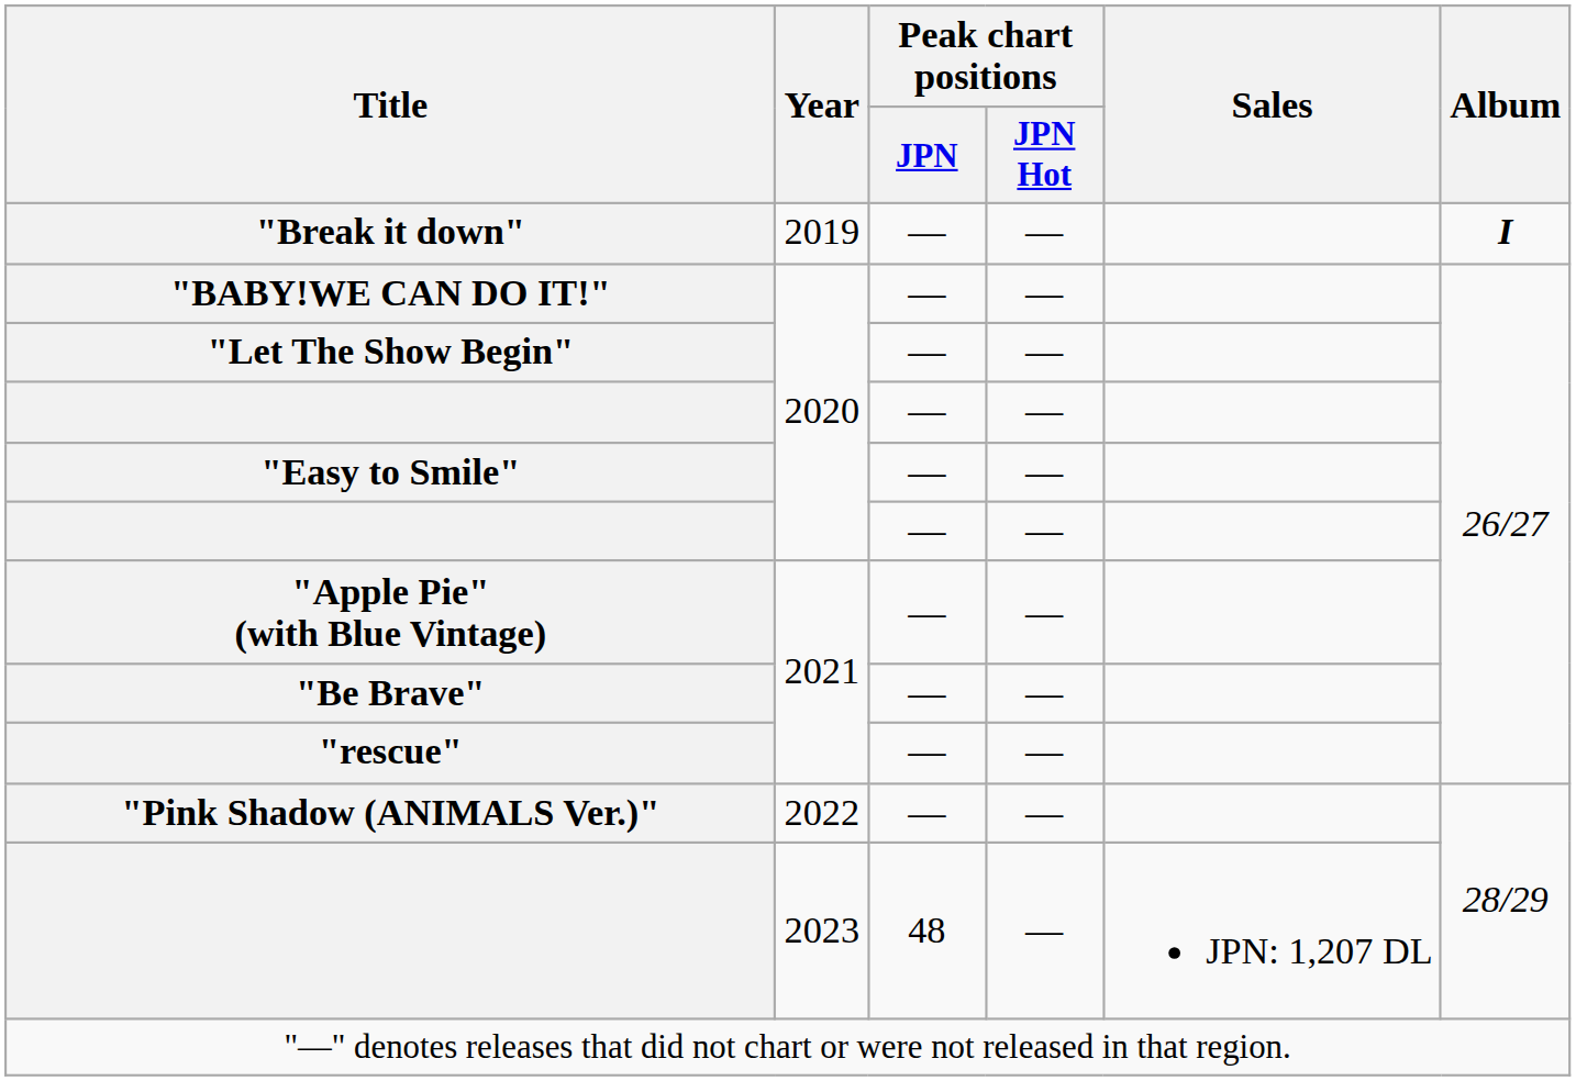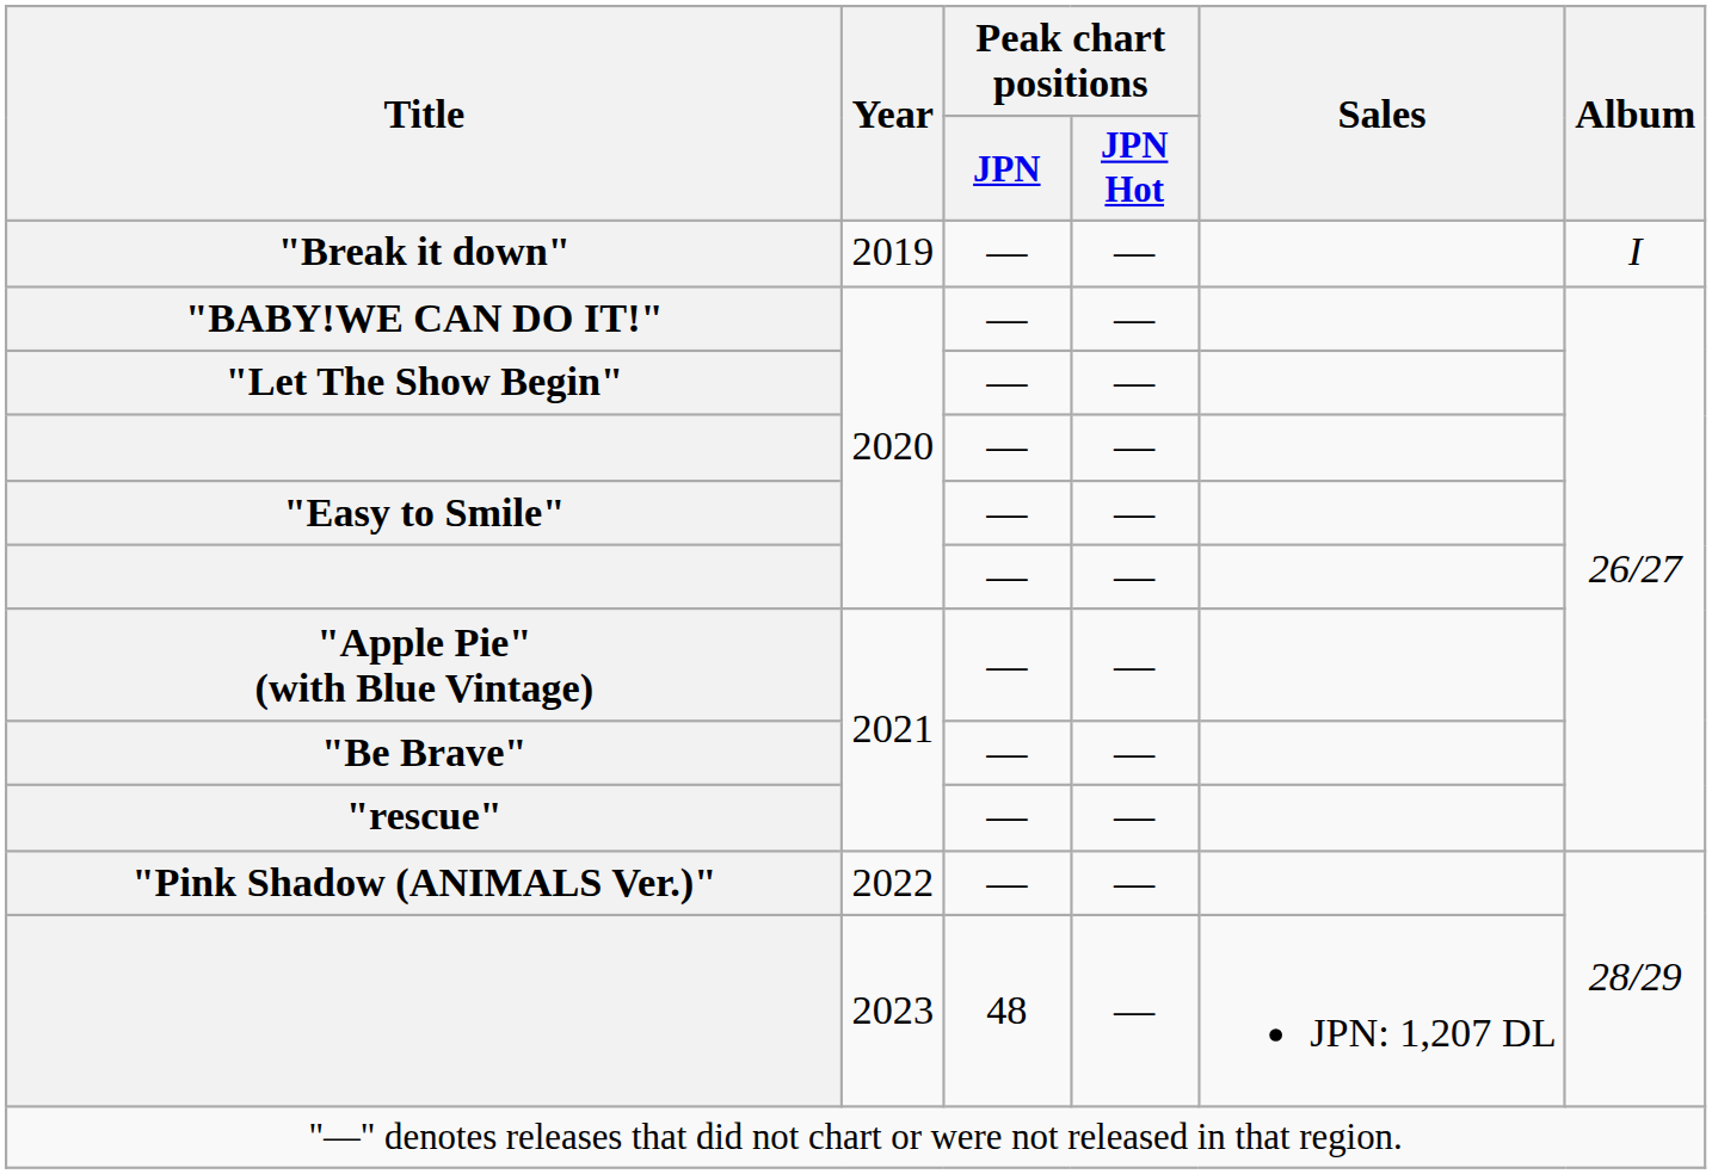 <table class="wikitable plainrowheaders" style="text-align:center;">
 <tr>
 <th scope="col" rowspan="2" style="width:20em;">Title</th>
 <th scope="col" rowspan="2">Year</th>
 <th scope="col" colspan="2">Peak chart positions</th>
 <th scope="col" rowspan="2">Sales</th>
 <th scope="col" rowspan="2">Album</th>
 </tr>
 <tr>
 <th scope="col" style="width:3em;font-size:90%;"><a href='#'>JPN</a></th>
 <th scope="col" style="width:3em;font-size:90%;"><a href='#'>JPN<br>Hot</a></th>
 </tr>
 <tr>
 <th scope="row">"Break it down"</th>
 <td>2019</td>
 <td>—</td>
 <td>—</td>
 <td></td>
-<td><strong><em>I</em></strong></td>
+<td><em>I</em></td>
 </tr>
 <tr>
 <th scope="row">"BABY!WE CAN DO IT!"</th>
 <td rowspan="5">2020</td>
 <td>—</td>
 <td>—</td>
 <td></td>
 <td rowspan="8"><em>26/27</em></td>
 </tr>
 <tr>
 <th scope="row">"Let The Show Begin"</th>
 <td>—</td>
 <td>—</td>
 <td></td>
 </tr>
 <tr>
 <th scope="row"></th>
 <td>—</td>
 <td>—</td>
 <td></td>
 </tr>
 <tr>
 <th scope="row">"Easy to Smile"</th>
 <td>—</td>
 <td>—</td>
 <td></td>
 </tr>
 <tr>
 <th scope="row"></th>
 <td>—</td>
 <td>—</td>
 <td></td>
 </tr>
 <tr>
 <th scope="row">"Apple Pie" <br>(with Blue Vintage)</th>
 <td rowspan="3">2021</td>
 <td>—</td>
 <td>—</td>
 <td></td>
 </tr>
 <tr>
 <th scope="row">"Be Brave"</th>
 <td>—</td>
 <td>—</td>
 <td></td>
 </tr>
 <tr>
 <th scope="row">"rescue"</th>
 <td>—</td>
 <td>—</td>
 <td></td>
 </tr>
 <tr>
 <th scope="row">"Pink Shadow (ANIMALS Ver.)"</th>
 <td>2022</td>
 <td>—</td>
 <td>—</td>
 <td></td>
 <td rowspan="2"><em>28/29</em></td>
 </tr>
 <tr>
 <th scope="row"></th>
 <td>2023</td>
 <td>48</td>
 <td>—</td>
 <td><br><ul><li>JPN: 1,207 DL</li></ul></td>
 </tr>
 <tr>
 <td colspan="6" style="font-size:90%;">"—" denotes releases that did not chart or were not released in that region.</td>
 </tr>
 </table>
